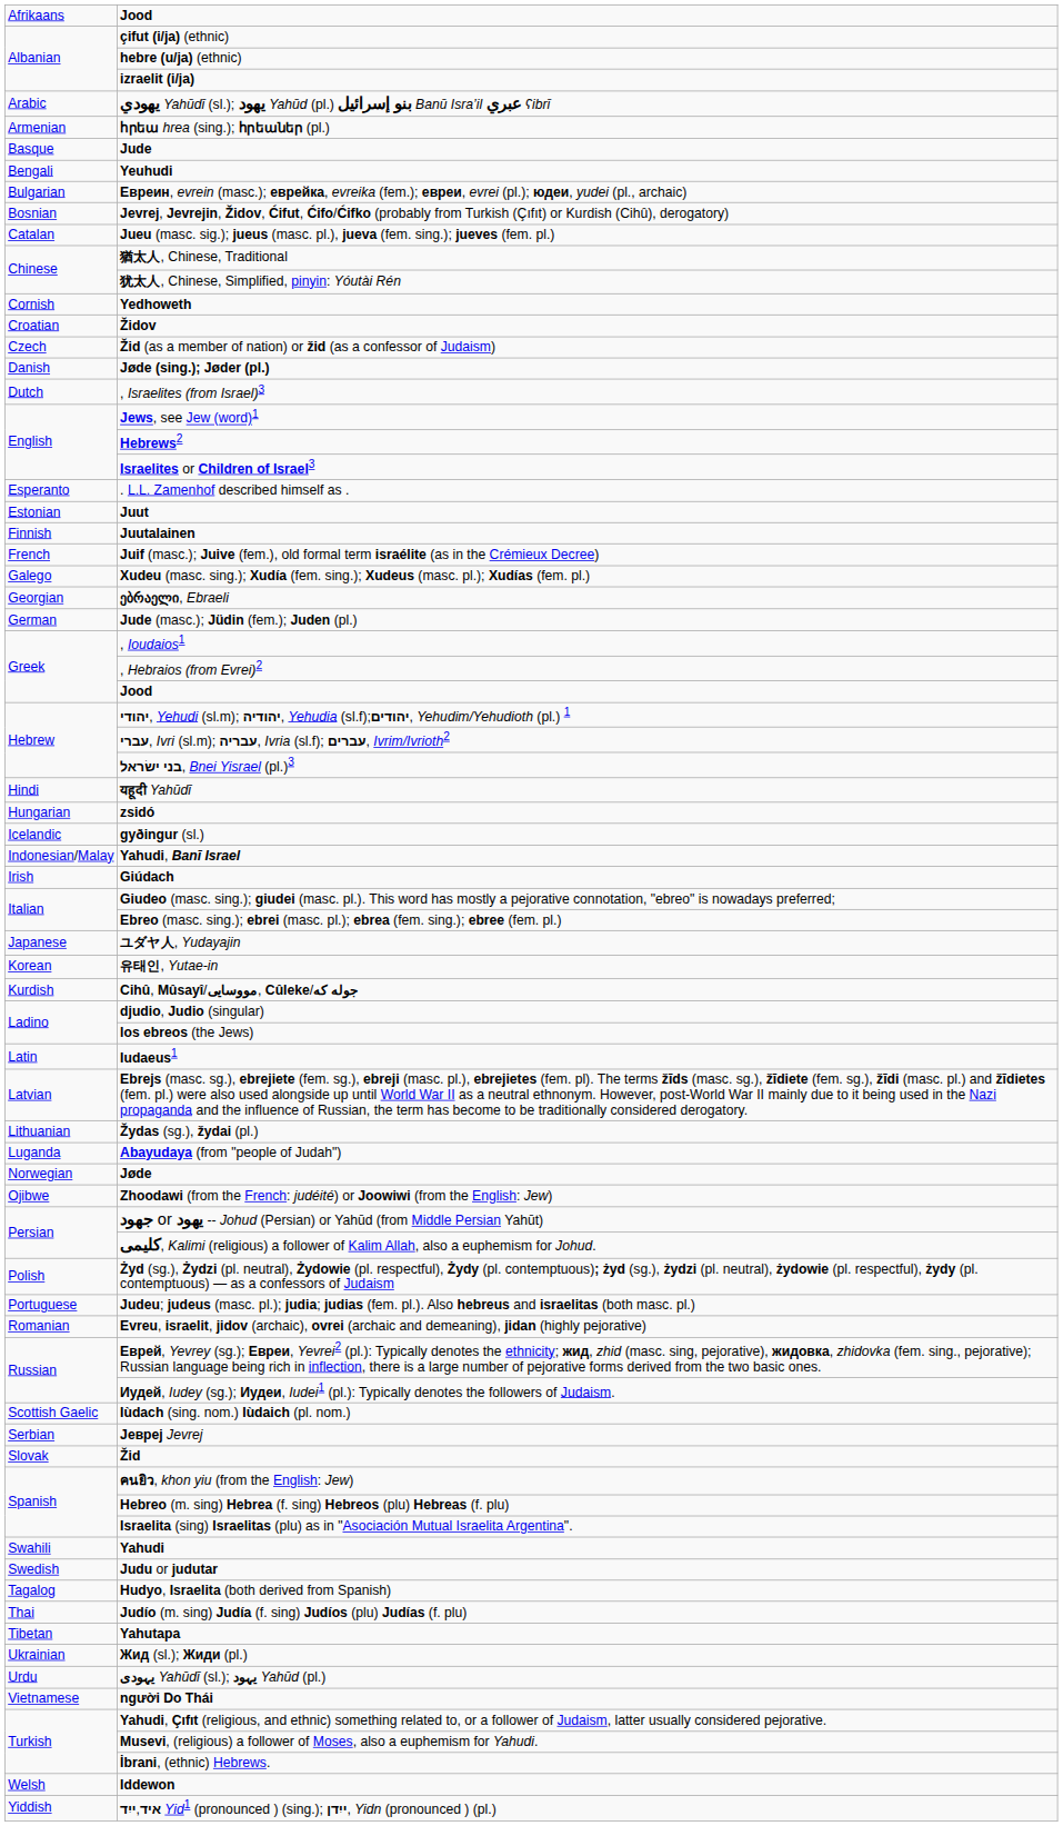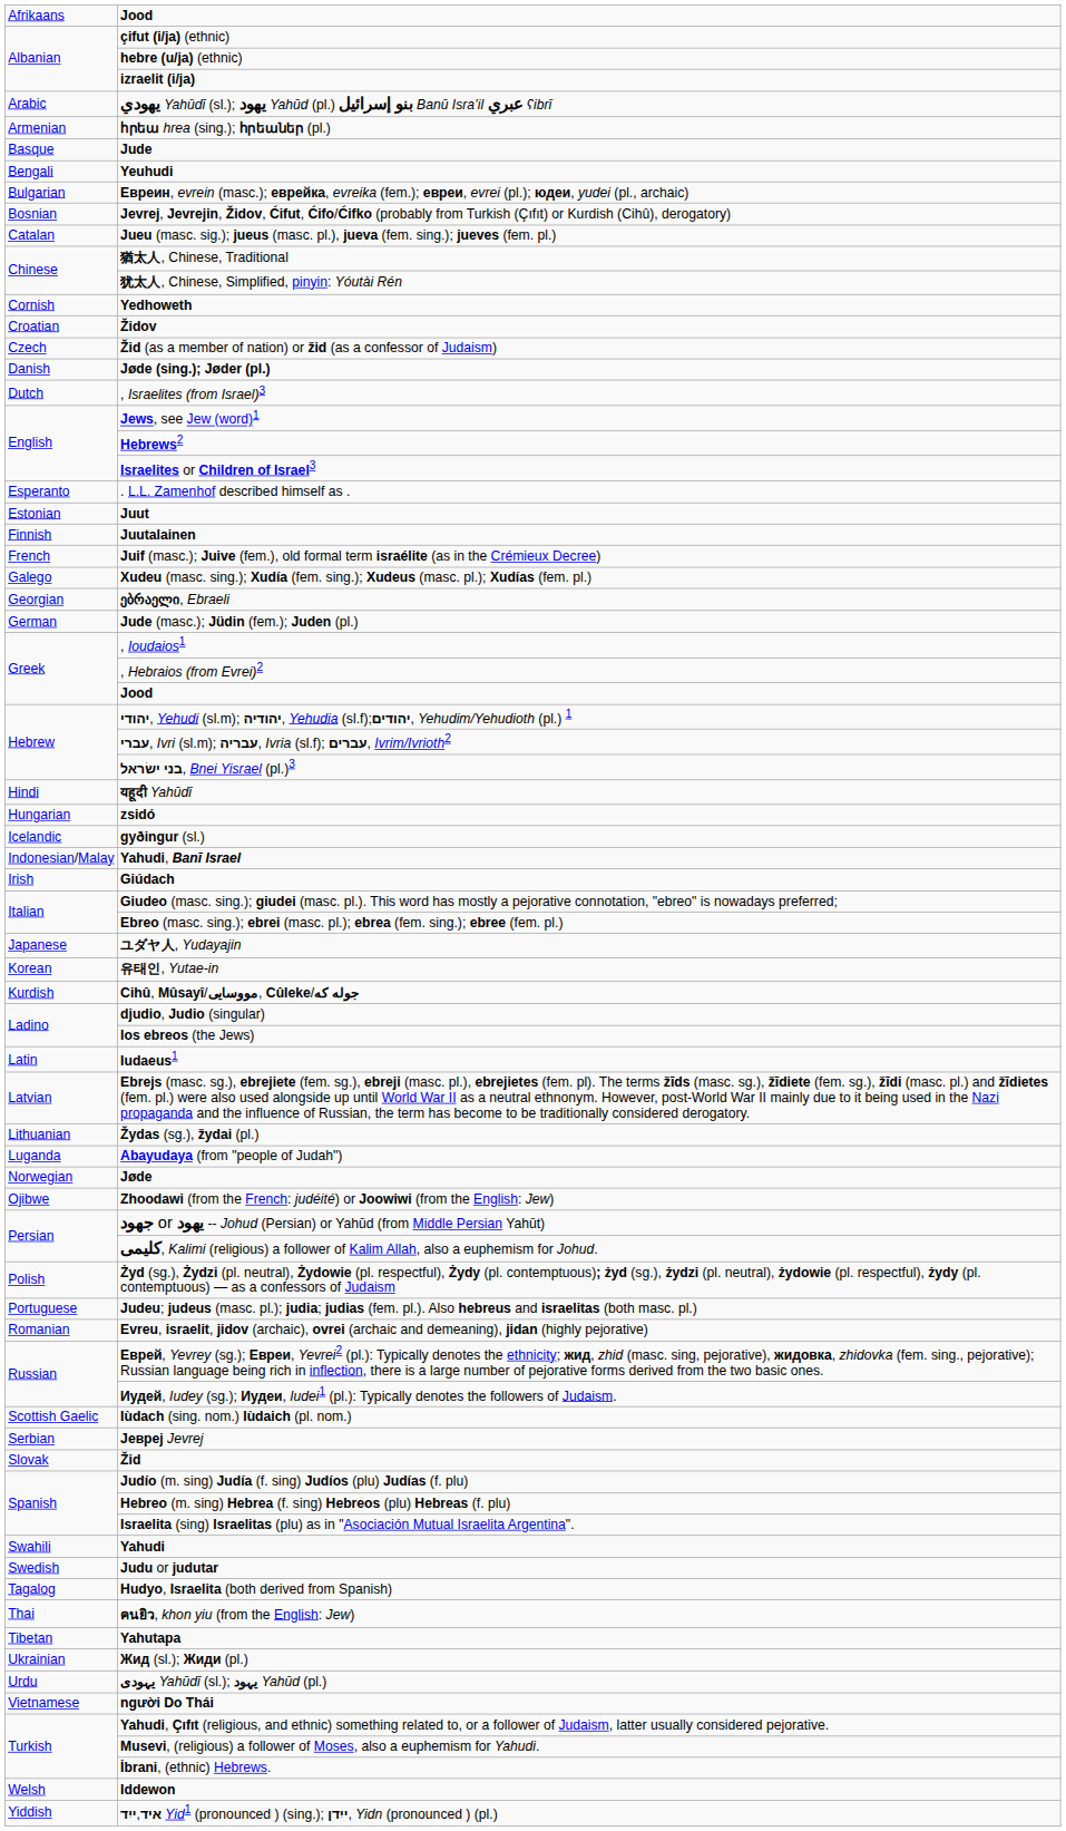 <table class="wikitable">
 <tr>
 <td><a href='#'>Afrikaans</a></td>
 <td><strong>Jood</strong></td>
 </tr>
 <tr>
 <td rowspan="3"><a href='#'>Albanian</a></td>
 <td><strong>çifut (i/ja)</strong> (ethnic)</td>
 </tr>
 <tr>
 <td><strong>hebre (u/ja)</strong> (ethnic)</td>
 </tr>
 <tr>
 <td><strong>izraelit (i/ja)</strong></td>
 </tr>
 <tr>
 <td><a href='#'>Arabic</a></td>
 <td><big><strong>يهودي</strong></big> <em>Yahūdī</em> (sl.); <big><strong>يهود</strong></big> <em>Yahūd</em> (pl.) <big><strong>بنو إسرائيل</strong></big> <em>Banū Isra’il</em> <big><strong>عبري</strong></big> <em>ʕibrī</em></td>
 </tr>
 <tr>
 <td><a href='#'>Armenian</a></td>
 <td><strong>հրեա</strong> <em>hrea</em> (sing.); <strong>հրեաներ</strong> (pl.)</td>
 </tr>
 <tr>
 <td><a href='#'>Basque</a></td>
 <td><strong>Jude</strong></td>
 </tr>
 <tr>
 <td><a href='#'>Bengali</a></td>
 <td><strong>Yeuhudi</strong></td>
 </tr>
 <tr>
 <td><a href='#'>Bulgarian</a></td>
 <td><strong>Евреин</strong>, <em>evrein</em> (masc.); <strong>еврейка</strong>, <em>evreika</em> (fem.); <strong>евреи</strong>, <em>evrei</em> (pl.); <strong>юдеи</strong>, <em>yudei</em> (pl., archaic)</td>
 </tr>
 <tr>
 <td><a href='#'>Bosnian</a></td>
 <td><strong>Jevrej</strong>, <strong>Jevrejin</strong>, <strong>Židov</strong>, <strong>Ćifut</strong>, <strong>Ćifo</strong>/<strong>Ćifko</strong> (probably from Turkish (Çıfıt) or Kurdish (Cihû), derogatory)</td>
 </tr>
 <tr>
 <td><a href='#'>Catalan</a></td>
 <td><strong>Jueu</strong> (masc. sig.); <strong>jueus</strong> (masc. pl.), <strong>jueva</strong> (fem. sing.); <strong>jueves</strong> (fem. pl.)</td>
 </tr>
 <tr>
 <td rowspan="2"><a href='#'>Chinese</a></td>
 <td><strong>猶太人</strong>, Chinese, Traditional</td>
 </tr>
 <tr>
 <td><strong>犹太人</strong>, Chinese, Simplified, <a href='#'>pinyin</a>: <em>Yóutài Rén</em></td>
 </tr>
 <tr>
 <td><a href='#'>Cornish</a></td>
 <td><strong>Yedhoweth</strong></td>
 </tr>
 <tr>
 <td><a href='#'>Croatian</a></td>
 <td><strong>Židov</strong></td>
 </tr>
 <tr>
 <td><a href='#'>Czech</a></td>
 <td><strong>Žid</strong> (as a member of nation) or <strong>žid</strong> (as a confessor of <a href='#'>Judaism</a>)</td>
 </tr>
 <tr>
 <td><a href='#'>Danish</a></td>
 <td><strong>Jøde (sing.); Jøder (pl.)</strong></td>
 </tr>
 <tr>
 <td><a href='#'>Dutch</a></td>
 <td><strong></strong>, <em>Israelites (from Israel)</em><sup><a href='#'>3</a></sup></td>
 </tr>
 <tr>
 <td rowspan="3"><a href='#'>English</a></td>
 <td><strong><a href='#'>Jews</a></strong>, see <a href='#'>Jew (word)</a><sup><a href='#'>1</a></sup></td>
 </tr>
 <tr>
 <td><strong><a href='#'>Hebrews</a></strong><sup><a href='#'>2</a></sup></td>
 </tr>
 <tr>
 <td><strong><a href='#'>Israelites</a></strong> or <strong><a href='#'>Children of Israel</a></strong><sup><a href='#'>3</a></sup></td>
 </tr>
 <tr>
 <td><a href='#'>Esperanto</a></td>
 <td>. <a href='#'>L.L. Zamenhof</a> described himself as .</td>
 </tr>
 <tr>
 <td><a href='#'>Estonian</a></td>
 <td><strong>Juut</strong></td>
 </tr>
 <tr>
 <td><a href='#'>Finnish</a></td>
 <td><strong>Juutalainen</strong></td>
 </tr>
 <tr>
 <td><a href='#'>French</a></td>
 <td><strong>Juif</strong> (masc.); <strong>Juive</strong> (fem.), old formal term <strong>israélite</strong> (as in the <a href='#'>Crémieux Decree</a>)</td>
 </tr>
 <tr>
 <td><a href='#'>Galego</a></td>
 <td><strong>Xudeu</strong> (masc. sing.); <strong>Xudía</strong> (fem. sing.); <strong>Xudeus</strong> (masc. pl.); <strong>Xudías</strong> (fem. pl.)</td>
 </tr>
 <tr>
 <td><a href='#'>Georgian</a></td>
 <td><strong>ებრაელი</strong>,  <em>Ebraeli</em></td>
 </tr>
 <tr>
 <td><a href='#'>German</a></td>
 <td><strong>Jude</strong> (masc.); <strong>Jüdin</strong> (fem.); <strong>Juden</strong> (pl.)</td>
 </tr>
 <tr>
 <td rowspan="3"><a href='#'>Greek</a></td>
 <td><strong></strong>, <em><a href='#'>Ioudaios</a></em><sup><a href='#'>1</a></sup></td>
 </tr>
 <tr>
 <td><strong></strong>, <em>Hebraios (from Evrei)</em><sup><a href='#'>2</a></sup></td>
 </tr>
 <tr>
 <td><strong>Jood</strong></td>
 </tr>
 <tr>
 <td rowspan="3"><a href='#'>Hebrew</a></td>
 <td><strong>יהודי</strong>, <em><a href='#'>Yehudi</a></em> (sl.m); <strong>יהודיה</strong>, <em><a href='#'>Yehudia</a></em> (sl.f);<strong>יהודים</strong>, <em>Yehudim/Yehudioth</em> (pl.) <sup><a href='#'>1</a></sup></td>
 </tr>
 <tr>
 <td><strong>עברי</strong>, <em>Ivri</em> (sl.m); <strong>עבריה</strong>, <em>Ivria</em> (sl.f); <strong>עברים</strong>, <em><a href='#'>Ivrim/Ivrioth</a></em><sup><a href='#'>2</a></sup></td>
 </tr>
 <tr>
 <td><strong>בני ישׂראל</strong>, <em><a href='#'>Bnei Yisrael</a></em> (pl.)<sup><a href='#'>3</a></sup></td>
 </tr>
 <tr>
 <td><a href='#'>Hindi</a></td>
 <td><strong>यहूदी</strong> <em>Yahūdī</em></td>
 </tr>
 <tr>
 <td><a href='#'>Hungarian</a></td>
 <td><strong>zsidó</strong></td>
 </tr>
 <tr>
 <td><a href='#'>Icelandic</a></td>
 <td><strong>gyðingur</strong> (sl.)</td>
 </tr>
 <tr>
 <td><a href='#'>Indonesian</a>/<a href='#'>Malay</a></td>
 <td><strong>Yahudi</strong>, <strong><em>Banī Israel</em></strong></td>
 </tr>
 <tr>
 <td><a href='#'>Irish</a></td>
 <td><strong>Giúdach</strong></td>
 </tr>
 <tr>
 <td rowspan="2"><a href='#'>Italian</a></td>
 <td><strong>Giudeo</strong> (masc. sing.); <strong>giudei</strong> (masc. pl.). This word has mostly a pejorative connotation, "ebreo" is nowadays preferred;</td>
 </tr>
 <tr>
 <td><strong>Ebreo</strong> (masc. sing.); <strong>ebrei</strong> (masc. pl.); <strong>ebrea</strong> (fem. sing.); <strong>ebree</strong> (fem. pl.)</td>
 </tr>
 <tr>
 <td><a href='#'>Japanese</a></td>
 <td><strong>ユダヤ人</strong>, <em>Yudayajin</em></td>
 </tr>
 <tr>
 <td><a href='#'>Korean</a></td>
 <td><strong>유태인</strong>, <em>Yutae-in</em></td>
 </tr>
 <tr>
 <td><a href='#'>Kurdish</a></td>
 <td><strong>Cihû</strong>, <strong>Mûsayî</strong>/<strong>مووسایی</strong>, <strong>Cûleke</strong>/<strong>جوله که</strong></td>
 </tr>
 <tr>
 <td rowspan="2"><a href='#'>Ladino</a></td>
 <td><strong>djudio</strong>, <strong>Judio</strong> (singular)</td>
 </tr>
 <tr>
 <td><strong>los ebreos</strong> (the Jews)</td>
 </tr>
 <tr>
 <td><a href='#'>Latin</a></td>
 <td><strong>Iudaeus</strong><sup><a href='#'>1</a></sup></td>
 </tr>
 <tr>
 <td><a href='#'>Latvian</a></td>
 <td><strong>Ebrejs</strong> (masc. sg.), <strong>ebrejiete</strong> (fem. sg.), <strong>ebreji</strong> (masc. pl.), <strong>ebrejietes</strong> (fem. pl). The terms <strong>žīds</strong> (masc. sg.), <strong>žīdiete</strong> (fem. sg.), <strong>žīdi</strong> (masc. pl.) and <strong>žīdietes</strong> (fem. pl.) were also used alongside up until <a href='#'>World War II</a> as a neutral ethnonym. However, post-World War II mainly due to it being used in the <a href='#'>Nazi propaganda</a> and the influence of Russian, the term has become to be traditionally considered derogatory.</td>
 </tr>
 <tr>
 <td><a href='#'>Lithuanian</a></td>
 <td><strong>Žydas</strong> (sg.), <strong>žydai</strong> (pl.)</td>
 </tr>
 <tr>
 <td><a href='#'>Luganda</a></td>
 <td><strong><a href='#'>Abayudaya</a></strong> (from "people of Judah")</td>
 </tr>
 <tr>
 <td><a href='#'>Norwegian</a></td>
 <td><strong>Jøde</strong></td>
 </tr>
 <tr>
 <td><a href='#'>Ojibwe</a></td>
 <td><strong>Zhoodawi</strong> (from the <a href='#'>French</a>: <em>judéité</em>) or <strong>Joowiwi</strong> (from the <a href='#'>English</a>: <em>Jew</em>)</td>
 </tr>
 <tr>
 <td rowspan="2"><a href='#'>Persian</a></td>
 <td><big><strong>جهود</strong>  or <strong>يهود</strong></big>  -- <em>Johud</em> (Persian)  or Yahūd (from <a href='#'>Middle Persian</a> Yahūt)</td>
 </tr>
 <tr>
 <td><big><strong>کلیمی</strong></big>, <em>Kalimi</em> (religious) a follower of <a href='#'>Kalim Allah</a>, also a euphemism for <em>Johud</em>.</td>
 </tr>
 <tr>
 <td><a href='#'>Polish</a></td>
 <td><strong>Żyd</strong> (sg.), <strong>Żydzi</strong> (pl. neutral), <strong>Żydowie</strong> (pl. respectful), <strong>Żydy</strong> (pl. contemptuous)<strong>;   żyd</strong> (sg.), <strong>żydzi</strong> (pl. neutral), <strong>żydowie</strong> (pl. respectful), <strong>żydy</strong> (pl. contemptuous) — as a confessors of <a href='#'>Judaism</a></td>
 </tr>
 <tr>
 <td><a href='#'>Portuguese</a></td>
 <td><strong>Judeu</strong>; <strong>judeus</strong> (masc. pl.); <strong>judia</strong>; <strong>judias</strong> (fem. pl.). Also <strong>hebreus</strong> and <strong>israelitas</strong> (both masc. pl.)</td>
 </tr>
 <tr>
 <td><a href='#'>Romanian</a></td>
 <td><strong>Evreu</strong>, <strong>israelit</strong>, <strong>jidov</strong> (archaic), <strong>ovrei</strong> (archaic and demeaning), <strong>jidan</strong> (highly pejorative)</td>
 </tr>
 <tr>
 <td rowspan="2"><a href='#'>Russian</a></td>
 <td><strong>Еврей</strong>, <em>Yevrey</em> (sg.); <strong>Евреи</strong>, <em>Yevrei</em><sup><a href='#'>2</a></sup> (pl.): Typically denotes the <a href='#'>ethnicity</a>; <strong>жид</strong>, <em>zhid</em> (masc. sing, pejorative), <strong>жидовка</strong>, <em>zhidovka</em> (fem. sing., pejorative); Russian language being rich in <a href='#'>inflection</a>, there is a large number of pejorative forms derived from the two basic ones.</td>
 </tr>
 <tr>
 <td><strong>Иудей</strong>, <em>Iudey</em> (sg.); <strong>Иудеи</strong>, <em>Iudei</em><sup><a href='#'>1</a></sup> (pl.): Typically denotes the followers of <a href='#'>Judaism</a>.</td>
 </tr>
 <tr>
 <td><a href='#'>Scottish Gaelic</a></td>
 <td><strong>Iùdach</strong> (sing. nom.) <strong>Iùdaich</strong> (pl. nom.)</td>
 </tr>
 <tr>
 <td><a href='#'>Serbian</a></td>
 <td><strong>Јевреј</strong> <em>Jevrej</em></td>
 </tr>
 <tr>
 <td><a href='#'>Slovak</a></td>
 <td><strong>Žid</strong></td>
 </tr>
 <tr>
 <td rowspan="3"><a href='#'>Spanish</a></td>
-<td><strong>คนยิว</strong>, <em>khon yiu</em> (from the <a href='#'>English</a>: <em>Jew</em>)</td>
+<td><strong>Judío</strong> (m. sing) <strong>Judía</strong> (f. sing)  <strong>Judíos</strong> (plu)  <strong>Judías</strong> (f. plu)</td>
 </tr>
 <tr>
 <td><strong>Hebreo</strong> (m. sing) <strong>Hebrea</strong> (f. sing)  <strong>Hebreos</strong> (plu)  <strong>Hebreas</strong> (f. plu)</td>
 </tr>
 <tr>
 <td><strong>Israelita</strong> (sing) <strong>Israelitas</strong> (plu) as in "<a href='#'>Asociación Mutual Israelita Argentina</a>".</td>
 </tr>
 <tr>
 <td><a href='#'>Swahili</a></td>
 <td><strong>Yahudi</strong></td>
 </tr>
 <tr>
 <td><a href='#'>Swedish</a></td>
 <td><strong>Judu</strong> or <strong>judutar</strong></td>
 </tr>
 <tr>
 <td><a href='#'>Tagalog</a></td>
 <td><strong>Hudyo</strong>, <strong>Israelita</strong> (both derived from Spanish)</td>
 </tr>
 <tr>
 <td><a href='#'>Thai</a></td>
-<td><strong>Judío</strong> (m. sing) <strong>Judía</strong> (f. sing)  <strong>Judíos</strong> (plu)  <strong>Judías</strong> (f. plu)</td>
+<td><strong>คนยิว</strong>, <em>khon yiu</em> (from the <a href='#'>English</a>: <em>Jew</em>)</td>
 </tr>
 <tr>
 <td><a href='#'>Tibetan</a></td>
 <td><strong>Yahutapa</strong></td>
 </tr>
 <tr>
 <td><a href='#'>Ukrainian</a></td>
 <td><strong>Жид</strong> (sl.); <strong>Жиди</strong> (pl.)</td>
 </tr>
 <tr>
 <td><a href='#'>Urdu</a></td>
 <td><strong>یہودی</strong> <em>Yahūdī</em> (sl.); <strong>یہود</strong> <em>Yahūd</em> (pl.)</td>
 </tr>
 <tr>
 <td><a href='#'>Vietnamese</a></td>
 <td><strong>người Do Thái</strong></td>
 </tr>
 <tr>
 <td rowspan="3"><a href='#'>Turkish</a></td>
 <td><strong>Yahudi</strong>, <strong>Çıfıt</strong> (religious, and ethnic) something related to, or a follower of <a href='#'>Judaism</a>, latter usually considered pejorative.</td>
 </tr>
 <tr>
 <td><strong>Musevi</strong>, (religious) a follower of <a href='#'>Moses</a>, also a euphemism for <em>Yahudi</em>.</td>
 </tr>
 <tr>
 <td><strong>İbrani</strong>, (ethnic) <a href='#'>Hebrews</a>.</td>
 </tr>
 <tr>
 <td><a href='#'>Welsh</a></td>
 <td><strong>Iddewon</strong></td>
 </tr>
 <tr>
 <td><a href='#'>Yiddish</a></td>
 <td><strong>איד</strong>,<strong>ייִד</strong> <em><a href='#'>Yid</a></em><sup><a href='#'>1</a></sup> (pronounced ) (sing.); <strong>ייִדן</strong>, <em>Yidn</em> (pronounced ) (pl.)</td>
 </tr>
 </table>
